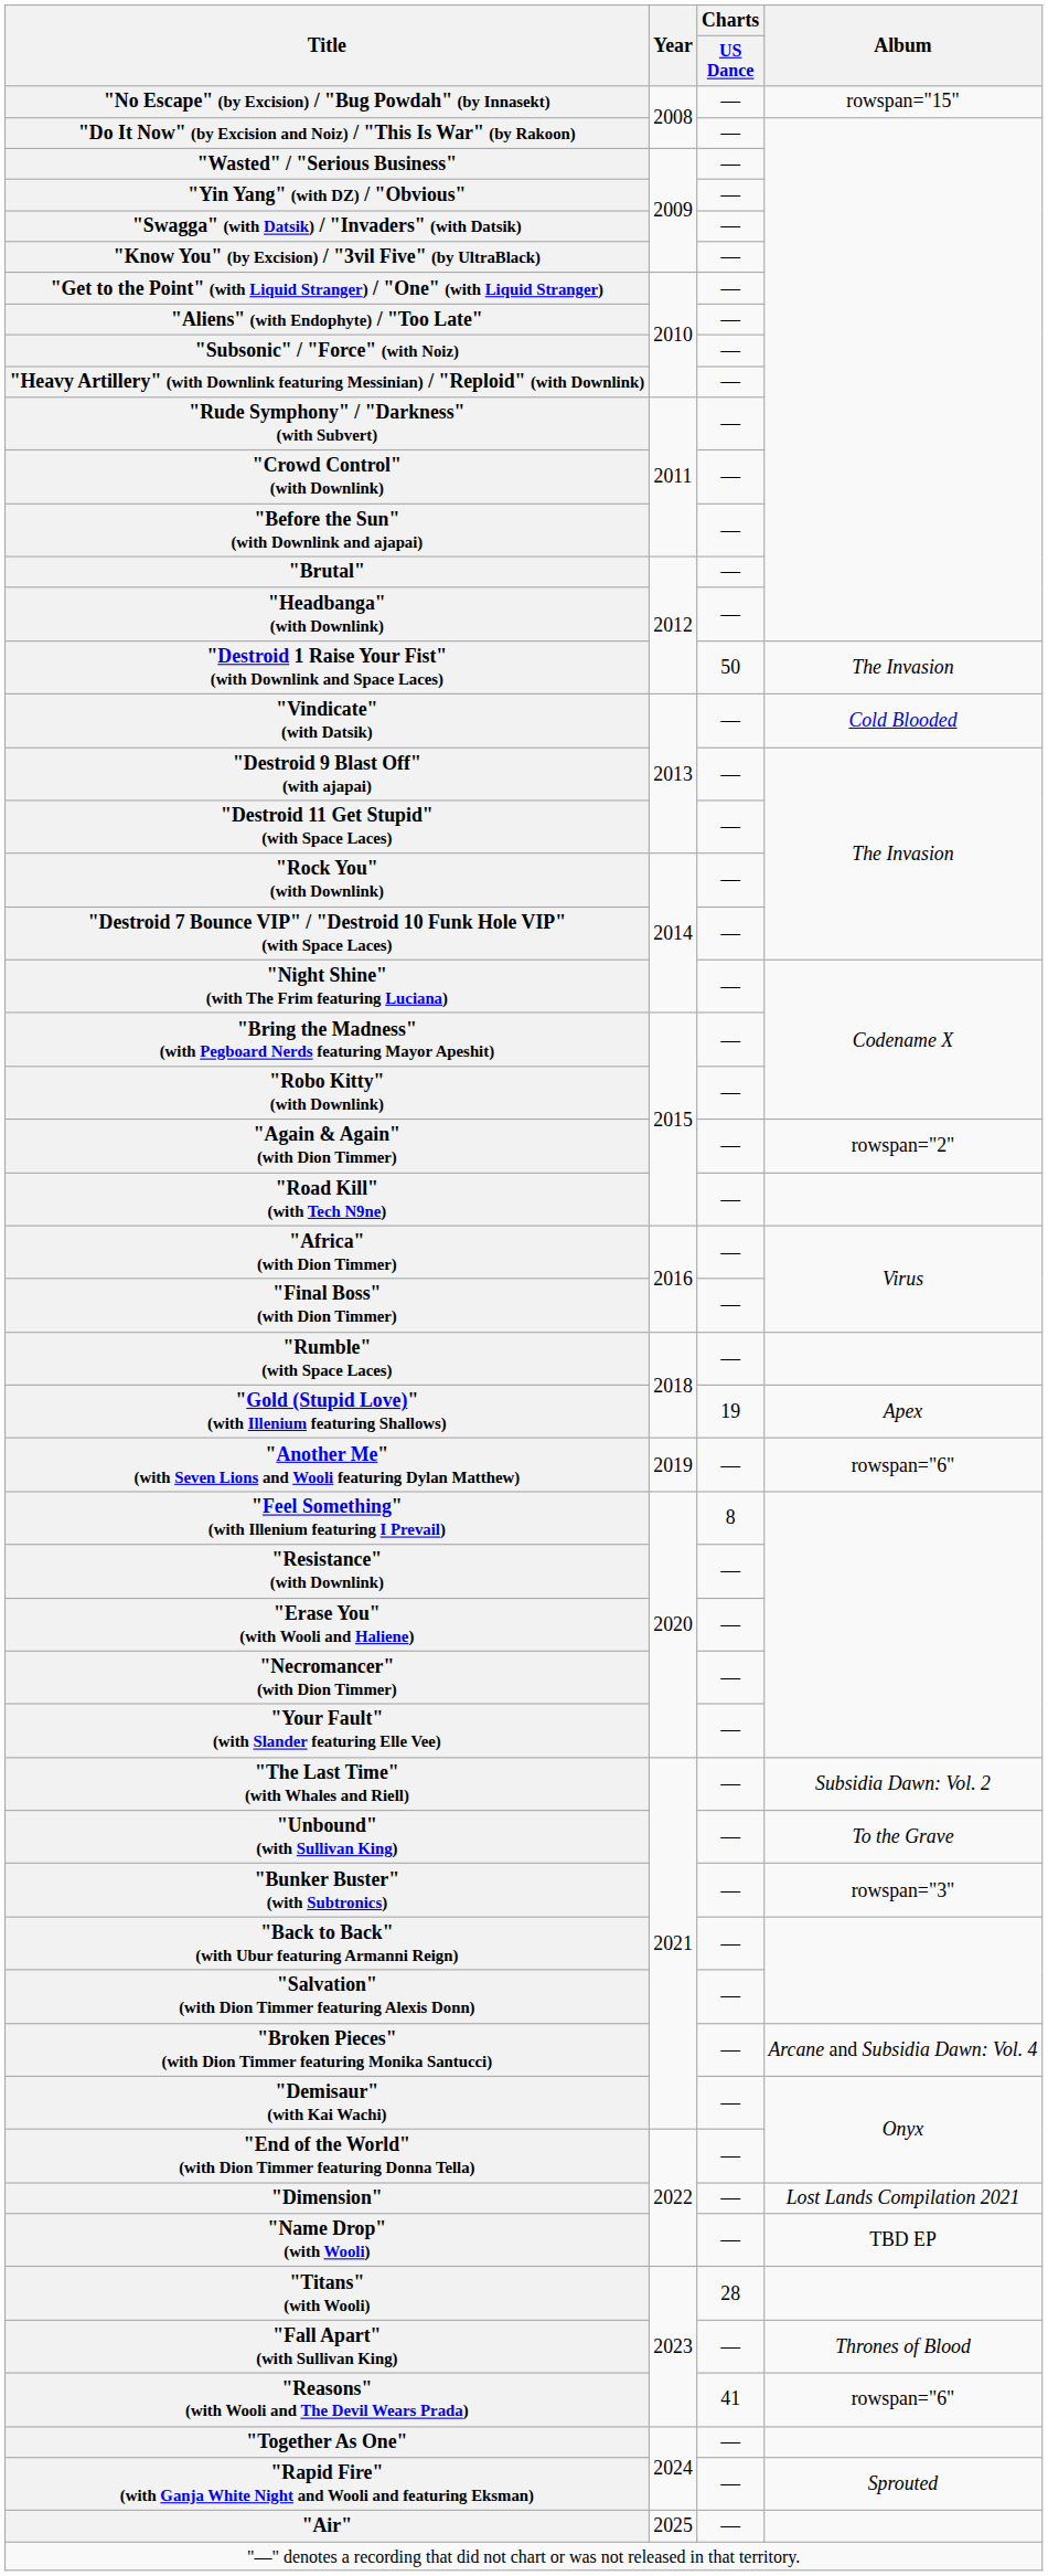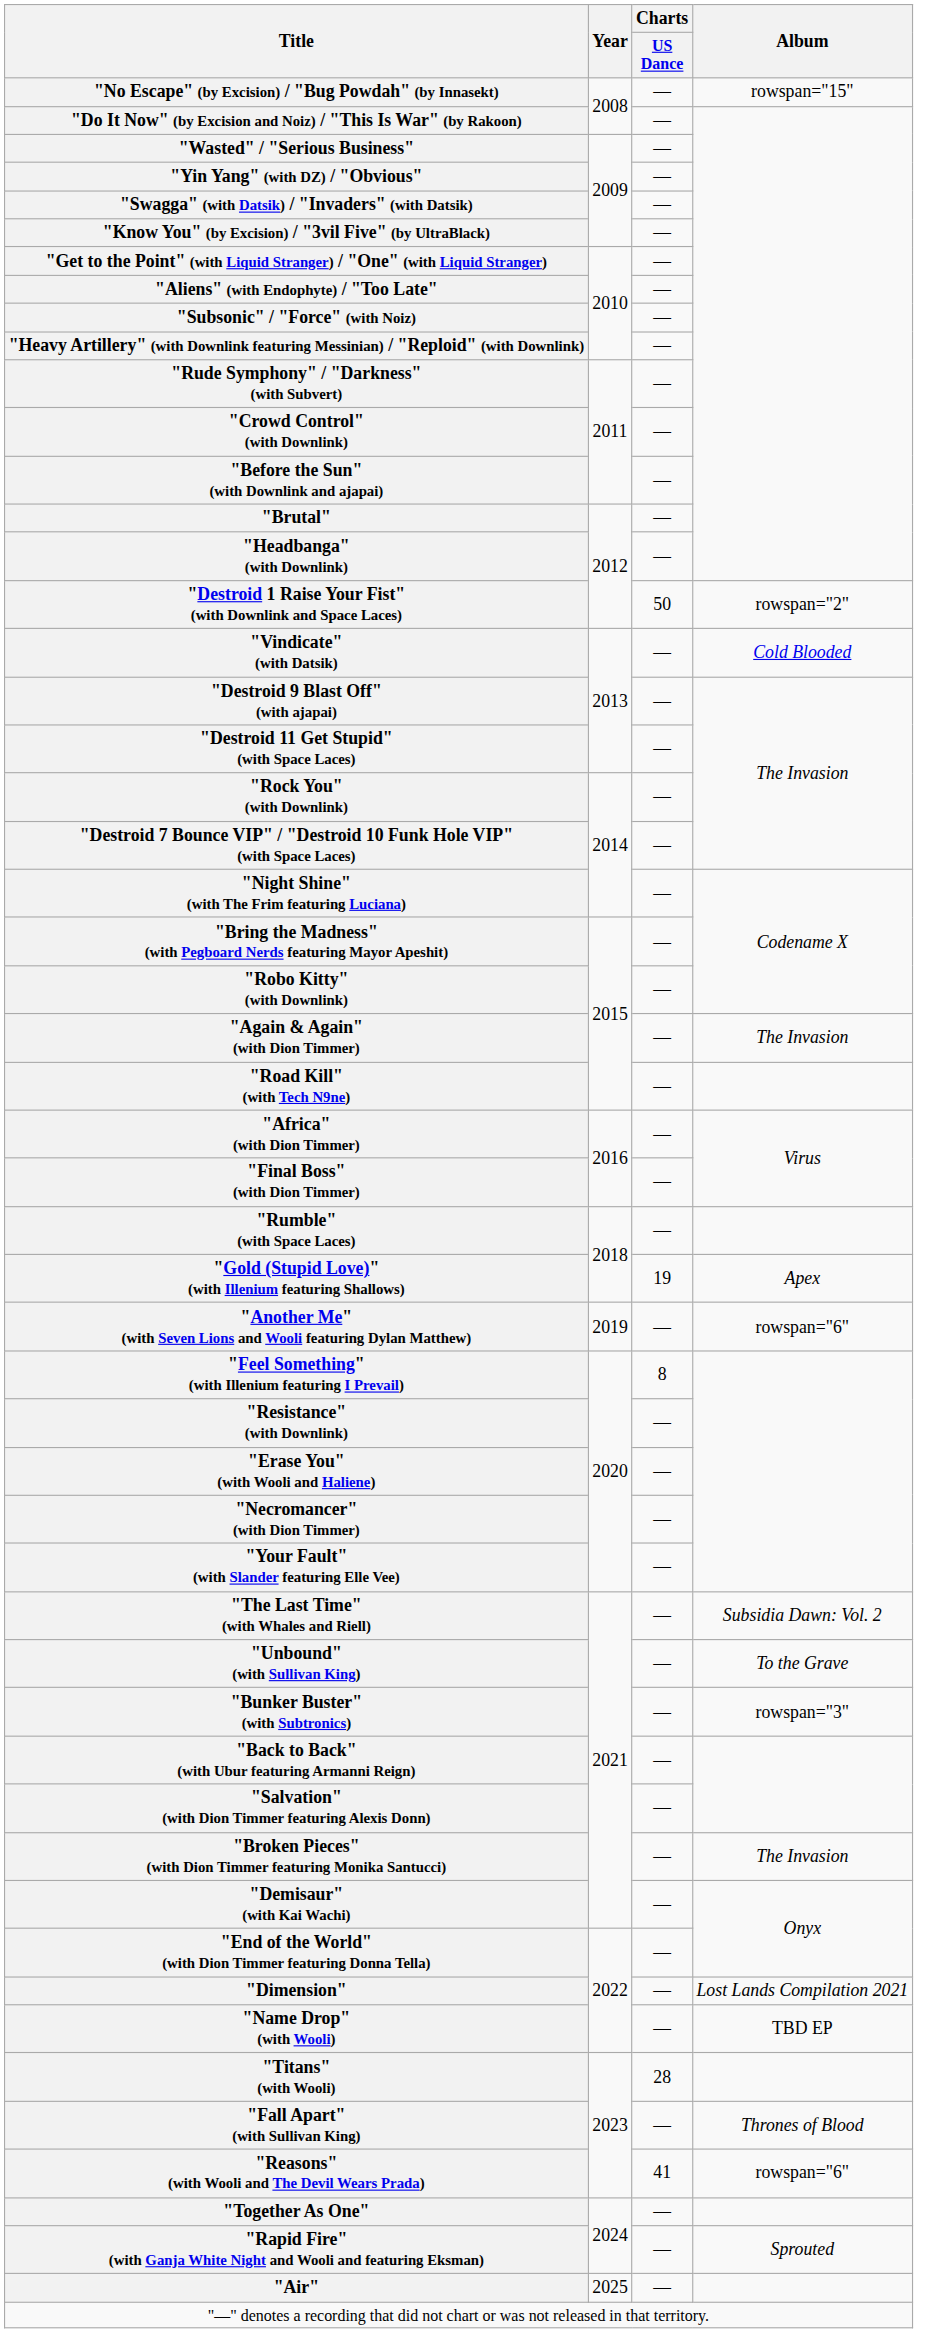 <table class="wikitable plainrowheaders" style="text-align:center;">
 <tr>
 <th rowspan="2">Title</th>
 <th rowspan="2">Year</th>
 <th colspan="1" scope="col">Charts</th>
 <th rowspan="2">Album</th>
 </tr>
 <tr>
 <th scope="col" style="width:2.5em;font-size:90%;"><a href='#'>US<br>Dance</a><br></th>
 </tr>
 <tr>
 <th scope="row">"No Escape" <small>(by Excision)</small> / "Bug Powdah" <small>(by Innasekt)</small></th>
 <td rowspan="2">2008</td>
 <td>—</td>
 <td>rowspan="15" </td>
 </tr>
 <tr>
 <th scope="row">"Do It Now" <small>(by Excision and Noiz)</small> / "This Is War" <small>(by Rakoon)</small></th>
 <td>—</td>
 </tr>
 <tr>
 <th scope="row">"Wasted" / "Serious Business"</th>
 <td rowspan="4">2009</td>
 <td>—</td>
 </tr>
 <tr>
 <th scope="row">"Yin Yang" <small>(with DZ)</small> / "Obvious"</th>
 <td>—</td>
 </tr>
 <tr>
 <th scope="row">"Swagga" <small>(with <a href='#'>Datsik</a>)</small> / "Invaders" <small>(with Datsik)</small></th>
 <td>—</td>
 </tr>
 <tr>
 <th scope="row">"Know You" <small>(by Excision)</small> / "3vil Five" <small>(by UltraBlack)</small></th>
 <td>—</td>
 </tr>
 <tr>
 <th scope="row">"Get to the Point" <small>(with <a href='#'>Liquid Stranger</a>)</small> / "One" <small>(with <a href='#'>Liquid Stranger</a>)</small></th>
 <td rowspan="4">2010</td>
 <td>—</td>
 </tr>
 <tr>
 <th scope="row">"Aliens" <small>(with Endophyte)</small> / "Too Late"</th>
 <td>—</td>
 </tr>
 <tr>
 <th scope="row">"Subsonic" / "Force" <small>(with Noiz)</small></th>
 <td>—</td>
 </tr>
 <tr>
 <th scope="row">"Heavy Artillery" <small>(with Downlink featuring Messinian)</small> / "Reploid" <small>(with Downlink)</small></th>
 <td>—</td>
 </tr>
 <tr>
 <th scope="row">"Rude Symphony" / "Darkness"<br><small>(with Subvert)</small></th>
 <td rowspan="3">2011</td>
 <td>—</td>
 </tr>
 <tr>
 <th scope="row">"Crowd Control"<br><small>(with Downlink)</small></th>
 <td>—</td>
 </tr>
 <tr>
 <th scope="row">"Before the Sun"<br><small>(with Downlink and ajapai)</small></th>
 <td>—</td>
 </tr>
 <tr>
 <th scope="row">"Brutal"</th>
 <td rowspan="3">2012</td>
 <td>—</td>
 </tr>
 <tr>
 <th scope="row">"Headbanga"<br><small>(with Downlink)</small></th>
 <td>—</td>
 </tr>
 <tr>
 <th scope="row">"<a href='#'>Destroid</a> 1 Raise Your Fist"<br><small>(with Downlink and Space Laces)</small></th>
 <td>50</td>
-<td><em>The Invasion</em></td>
+<td>rowspan="2" </td>
 </tr>
 <tr>
 <th scope="row">"Vindicate"<br><small>(with Datsik)</small></th>
 <td rowspan="3">2013</td>
 <td>—</td>
 <td><em><a href='#'>Cold Blooded</a></em></td>
 </tr>
 <tr>
 <th scope="row">"Destroid 9 Blast Off"<br><small>(with ajapai)</small></th>
 <td>—</td>
 <td rowspan="4"><em>The Invasion</em></td>
 </tr>
 <tr>
 <th scope="row">"Destroid 11 Get Stupid"<br><small>(with Space Laces)</small></th>
 <td>—</td>
 </tr>
 <tr>
 <th scope="row">"Rock You"<br><small>(with Downlink)</small></th>
 <td rowspan="3">2014</td>
 <td>—</td>
 </tr>
 <tr>
 <th scope="row">"Destroid 7 Bounce VIP" / "Destroid 10 Funk Hole VIP"<br><small>(with Space Laces)</small></th>
 <td>—</td>
 </tr>
 <tr>
 <th scope="row">"Night Shine"<br><small>(with The Frim featuring <a href='#'>Luciana</a>)</small></th>
 <td>—</td>
 <td rowspan="3"><em>Codename X</em></td>
 </tr>
 <tr>
 <th scope="row">"Bring the Madness"<br><small>(with <a href='#'>Pegboard Nerds</a> featuring Mayor Apeshit)</small></th>
 <td rowspan="4">2015</td>
 <td>—</td>
 </tr>
 <tr>
 <th scope="row">"Robo Kitty"<br><small>(with Downlink)</small></th>
 <td>—</td>
 </tr>
 <tr>
 <th scope="row">"Again & Again"<br><small>(with Dion Timmer)</small></th>
 <td>—</td>
-<td>rowspan="2" </td>
+<td><em>The Invasion</em></td>
 </tr>
 <tr>
 <th scope="row">"Road Kill"<br><small>(with <a href='#'>Tech N9ne</a>)</small></th>
 <td>—</td>
 </tr>
 <tr>
 <th scope="row">"Africa"<br><small>(with Dion Timmer)</small></th>
 <td rowspan="2">2016</td>
 <td>—</td>
 <td rowspan="2"><em>Virus</em></td>
 </tr>
 <tr>
 <th scope="row">"Final Boss"<br><small>(with Dion Timmer)</small></th>
 <td>—</td>
 </tr>
 <tr>
 <th scope="row">"Rumble"<br><small>(with Space Laces)</small></th>
 <td rowspan="2">2018</td>
 <td>—</td>
 <td></td>
 </tr>
 <tr>
 <th scope="row">"<a href='#'>Gold (Stupid Love)</a>" <br><small>(with <a href='#'>Illenium</a> featuring Shallows)</small></th>
 <td>19</td>
 <td><em>Apex</em></td>
 </tr>
 <tr>
 <th scope="row">"<a href='#'>Another Me</a>"<br><small>(with <a href='#'>Seven Lions</a> and <a href='#'>Wooli</a> featuring Dylan Matthew)</small></th>
 <td rowspan="1">2019</td>
 <td>—</td>
 <td>rowspan="6" </td>
 </tr>
 <tr>
 <th scope="row">"<a href='#'>Feel Something</a>" <br><small>(with Illenium featuring <a href='#'>I Prevail</a>)</small></th>
 <td rowspan="5">2020</td>
 <td>8</td>
 </tr>
 <tr>
 <th scope="row">"Resistance" <br><small>(with Downlink)</small></th>
 <td>—</td>
 </tr>
 <tr>
 <th scope="row">"Erase You" <br><small>(with Wooli and <a href='#'>Haliene</a>)</small></th>
 <td>—</td>
 </tr>
 <tr>
 <th scope="row">"Necromancer" <br><small>(with Dion Timmer)</small></th>
 <td>—</td>
 </tr>
 <tr>
 <th scope="row">"Your Fault" <br><small>(with <a href='#'>Slander</a> featuring Elle Vee)</small></th>
 <td>—</td>
 </tr>
 <tr>
 <th scope="row">"The Last Time" <br><small>(with Whales and Riell)</small></th>
 <td rowspan="7">2021</td>
 <td>—</td>
 <td><em>Subsidia Dawn: Vol. 2</em></td>
 </tr>
 <tr>
 <th scope="row">"Unbound" <br><small>(with <a href='#'>Sullivan King</a>)</small></th>
 <td>—</td>
 <td><em>To the Grave</em></td>
 </tr>
 <tr>
 <th scope="row">"Bunker Buster" <br><small>(with <a href='#'>Subtronics</a>)</small></th>
 <td>—</td>
 <td>rowspan="3" </td>
 </tr>
 <tr>
 <th scope="row">"Back to Back" <br><small>(with Ubur featuring Armanni Reign)</small></th>
 <td>—</td>
 </tr>
 <tr>
 <th scope="row">"Salvation" <br><small>(with Dion Timmer featuring Alexis Donn)</small></th>
 <td>—</td>
 </tr>
 <tr>
 <th scope="row">"Broken Pieces" <br><small>(with Dion Timmer featuring Monika Santucci)</small></th>
 <td>—</td>
-<td><em>Arcane</em> and <em>Subsidia Dawn: Vol. 4</em></td>
+<td><em>The Invasion</em></td>
 </tr>
 <tr>
 <th scope="row">"Demisaur" <br><small>(with Kai Wachi)</small></th>
 <td>—</td>
 <td rowspan="2"><em>Onyx</em></td>
 </tr>
 <tr>
 <th scope="row">"End of the World" <br><small>(with Dion Timmer featuring Donna Tella)</small></th>
 <td rowspan="3">2022</td>
 <td>—</td>
 </tr>
 <tr>
 <th scope="row">"Dimension"</th>
 <td>—</td>
 <td><em>Lost Lands Compilation 2021</em></td>
 </tr>
 <tr>
 <th scope="row">"Name Drop" <br><small>(with <a href='#'>Wooli</a>)</small></th>
 <td>—</td>
 <td>TBD EP</td>
 </tr>
 <tr>
 <th scope="row">"Titans"<br><small>(with Wooli)</small></th>
 <td rowspan="3">2023</td>
 <td>28</td>
 <td></td>
 </tr>
 <tr>
 <th scope="row">"Fall Apart" <br><small>(with Sullivan King)</small></th>
 <td>—</td>
 <td><em>Thrones of Blood</em></td>
 </tr>
 <tr>
 <th scope="row">"Reasons"<br><small>(with Wooli and <a href='#'>The Devil Wears Prada</a>)</small></th>
 <td>41</td>
 <td>rowspan="6" </td>
 </tr>
 <tr>
 <th scope="row">"Together As One"</th>
 <td rowspan="2">2024</td>
 <td>—</td>
 </tr>
 <tr>
 <th scope="row">"Rapid Fire" <br><small>(with <a href='#'>Ganja White Night</a> and Wooli and featuring Eksman)</small></th>
 <td>—</td>
 <td><em>Sprouted</em></td>
 </tr>
 <tr>
 <th scope="row">"Air"<br></th>
 <td>2025</td>
 <td>—</td>
 <td></td>
 </tr>
 <tr>
 <td colspan="4" style="font-size:90%">"—" denotes a recording that did not chart or was not released in that territory.</td>
 </tr>
 </table>
